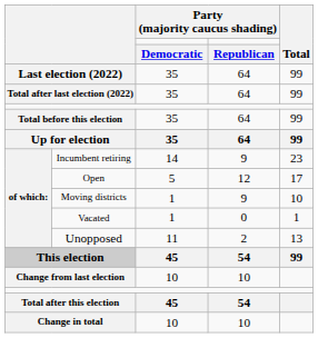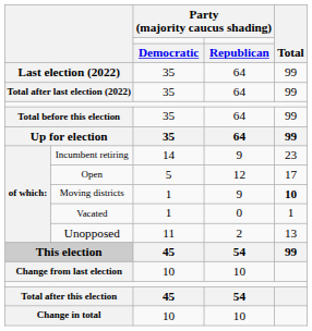 <table class=wikitable style="text-align:center">
 <tr style="vertical-align:bottom;">
 <th rowspan=3 colspan=2></th>
 <th colspan=2>Party<div>(majority caucus shading)</div></th>
 <th rowspan=3>Total</th>
 </tr>
 <tr style="height:5px">
 <td style="background-color:"></td>
 <td style="background-color:"></td>
 </tr>
 <tr>
 <th><a href='#'>Democratic</a></th>
 <th><a href='#'>Republican</a></th>
 </tr>
 <tr>
 <th nowrap colspan=2>Last election (2022)</th>
 <td>35</td>
 <td>64</td>
 <td>99</td>
 </tr>
 <tr>
 <th nowrap style="font-size:80%" colspan=2>Total after last election (2022)</th>
 <td>35</td>
 <td>64</td>
 <td>99</td>
 </tr>
 <tr>
 <td colspan=5></td>
 </tr>
 <tr>
 <th nowrap style="font-size:80%" colspan=2>Total before this election</th>
 <td>35</td>
 <td>64</td>
 <td>99</td>
 </tr>
 <tr>
 <th colspan=2>Up for election</th>
 <th>35</th>
 <th>64</th>
 <th>99</th>
 </tr>
 <tr>
 <th rowspan="5" style="font-size:80%">of which:</th>
 <td nowrap style="font-size:80%">Incumbent retiring</td>
 <td>14</td>
 <td>9</td>
 <td>23</td>
 </tr>
 <tr>
 <td nowrap style="font-size:80%">Open</td>
 <td>5</td>
 <td>12</td>
 <td>17</td>
 </tr>
 <tr>
 <td nowrap style="font-size:80%">Moving districts</td>
 <td>1</td>
 <td>9</td>
-<td>10</td>
+<td><strong>10</strong></td>
 </tr>
 <tr>
 <td nowrap style="font-size:80%">Vacated</td>
 <td>1</td>
 <td>0</td>
 <td>1</td>
 </tr>
 <tr>
 <td>Unopposed</td>
 <td>11</td>
 <td>2</td>
 <td>13</td>
 </tr>
 <tr>
 <th nowrap style="background:#ccc" colspan=2>This election</th>
 <th>45</th>
 <th>54</th>
 <th>99</th>
 </tr>
 <tr>
 <th nowrap style="font-size:80%"  colspan=2>Change from last election</th>
 <td>10</td>
 <td>10</td>
 <td></td>
 </tr>
 <tr>
 <td colspan=5></td>
 </tr>
 <tr>
 <th nowrap style="font-size:80%" colspan=2>Total after this election</th>
 <th>45</th>
 <th>54</th>
 <th></th>
 </tr>
 <tr>
 <th nowrap style="font-size:80%"  colspan=2>Change in total</th>
 <td>10</td>
 <td>10</td>
 </tr>
 </table>
